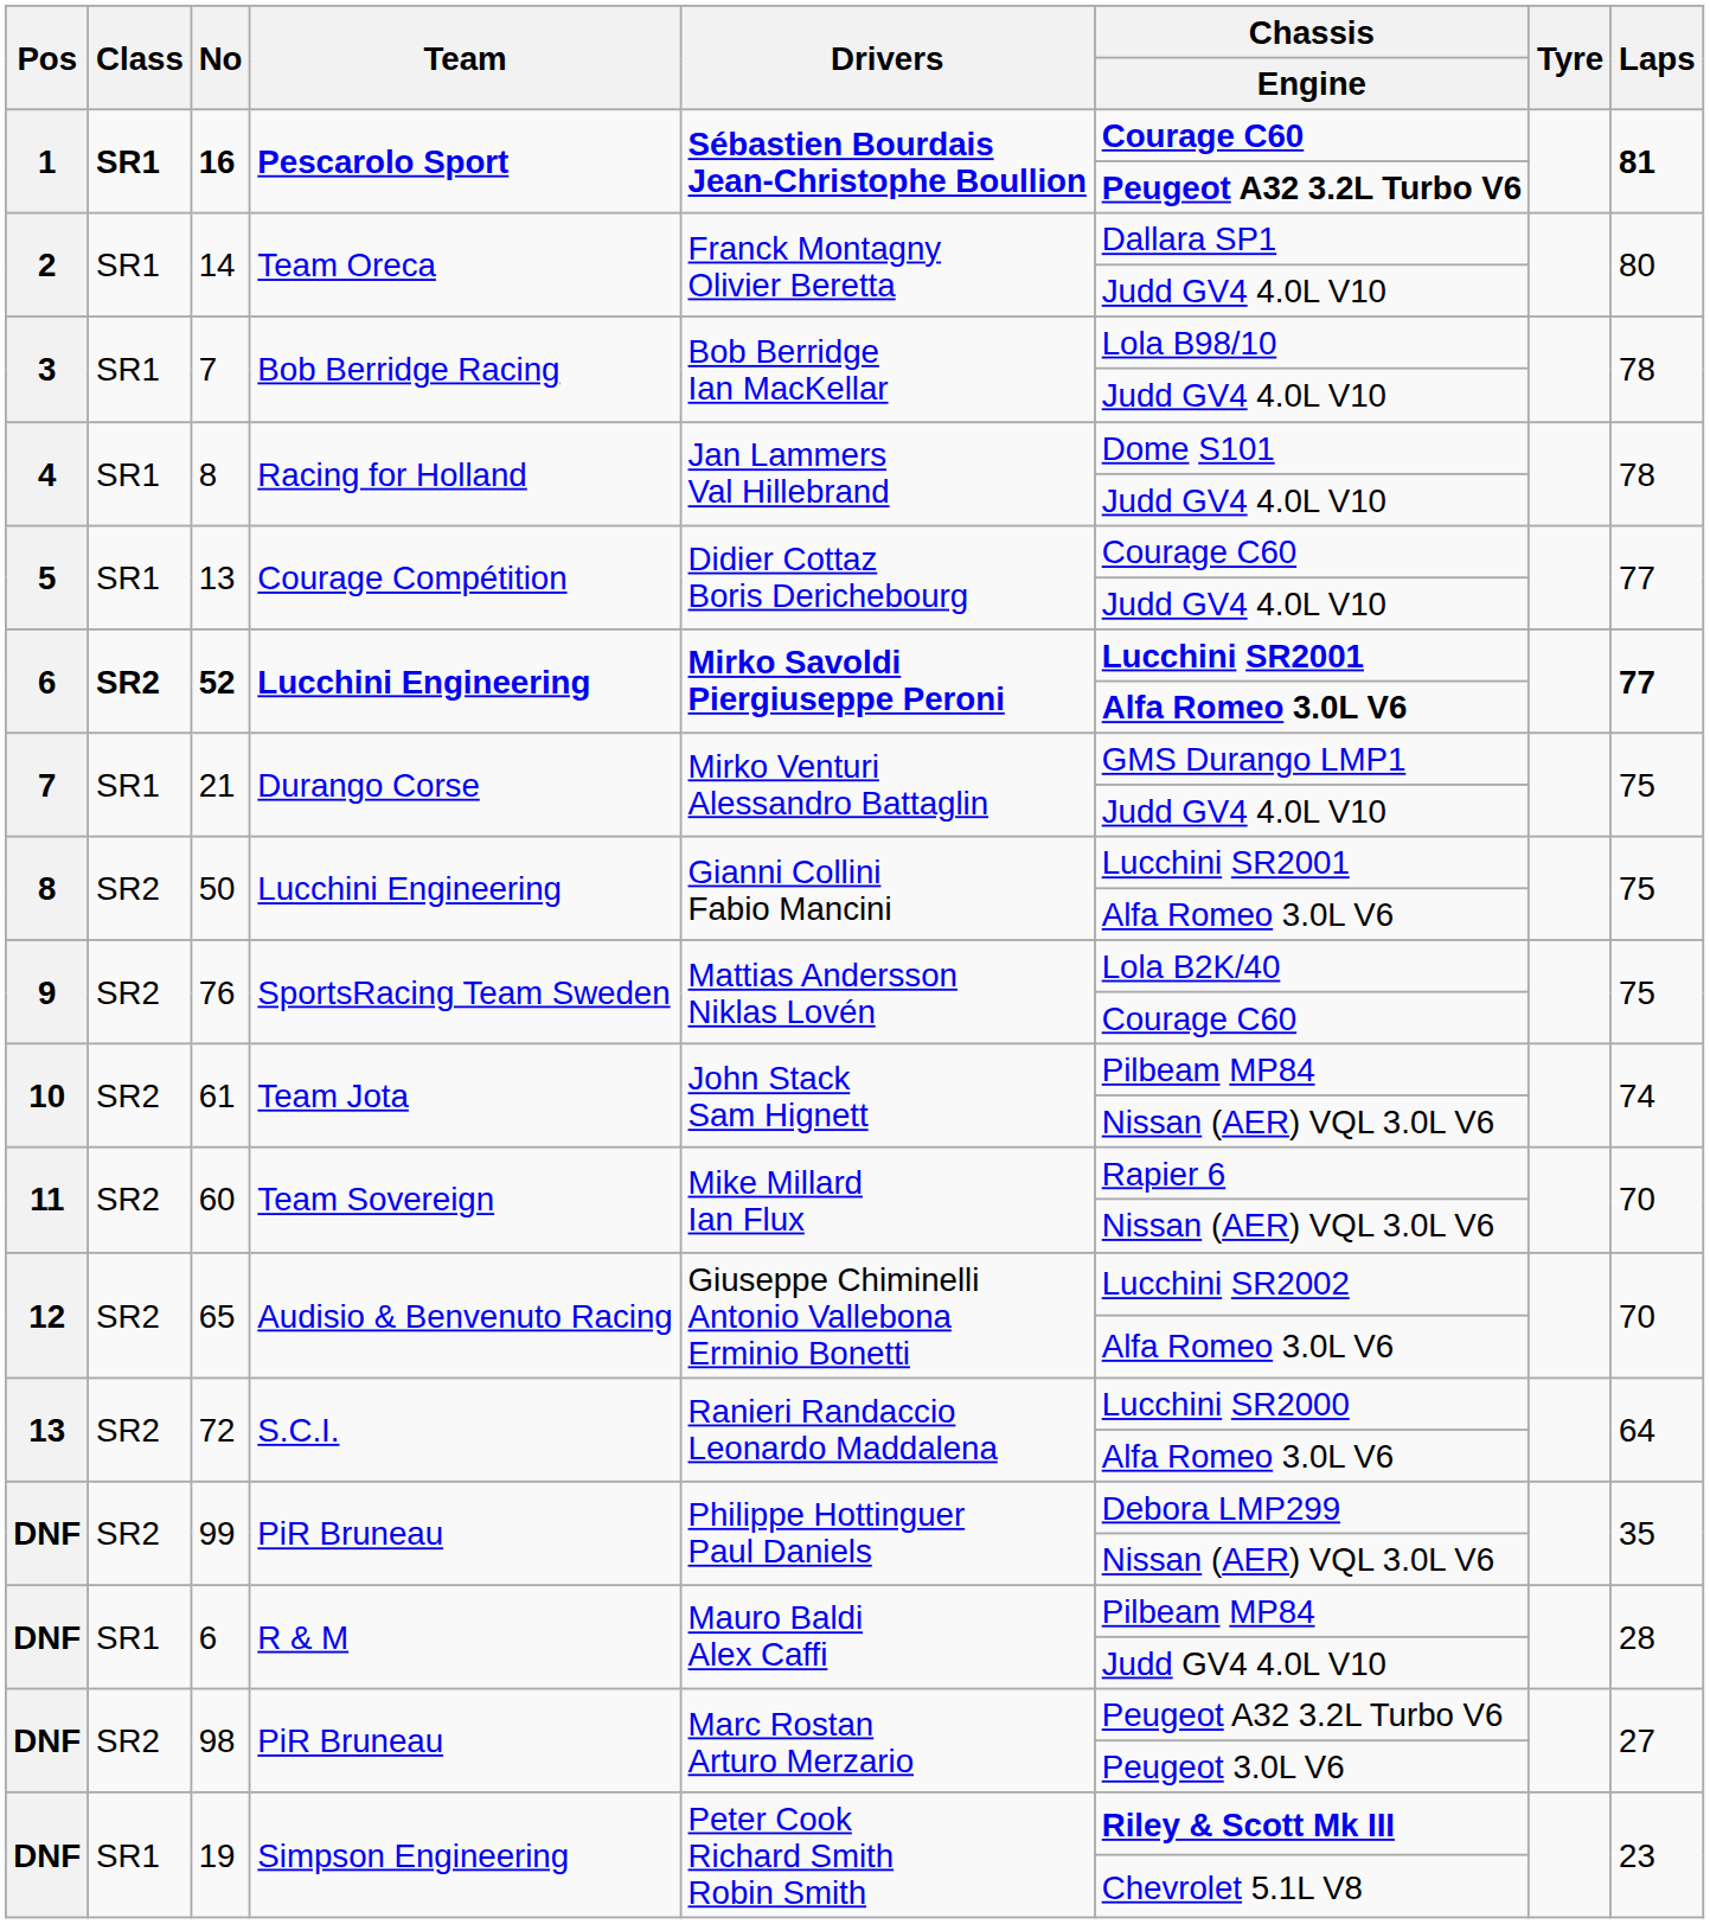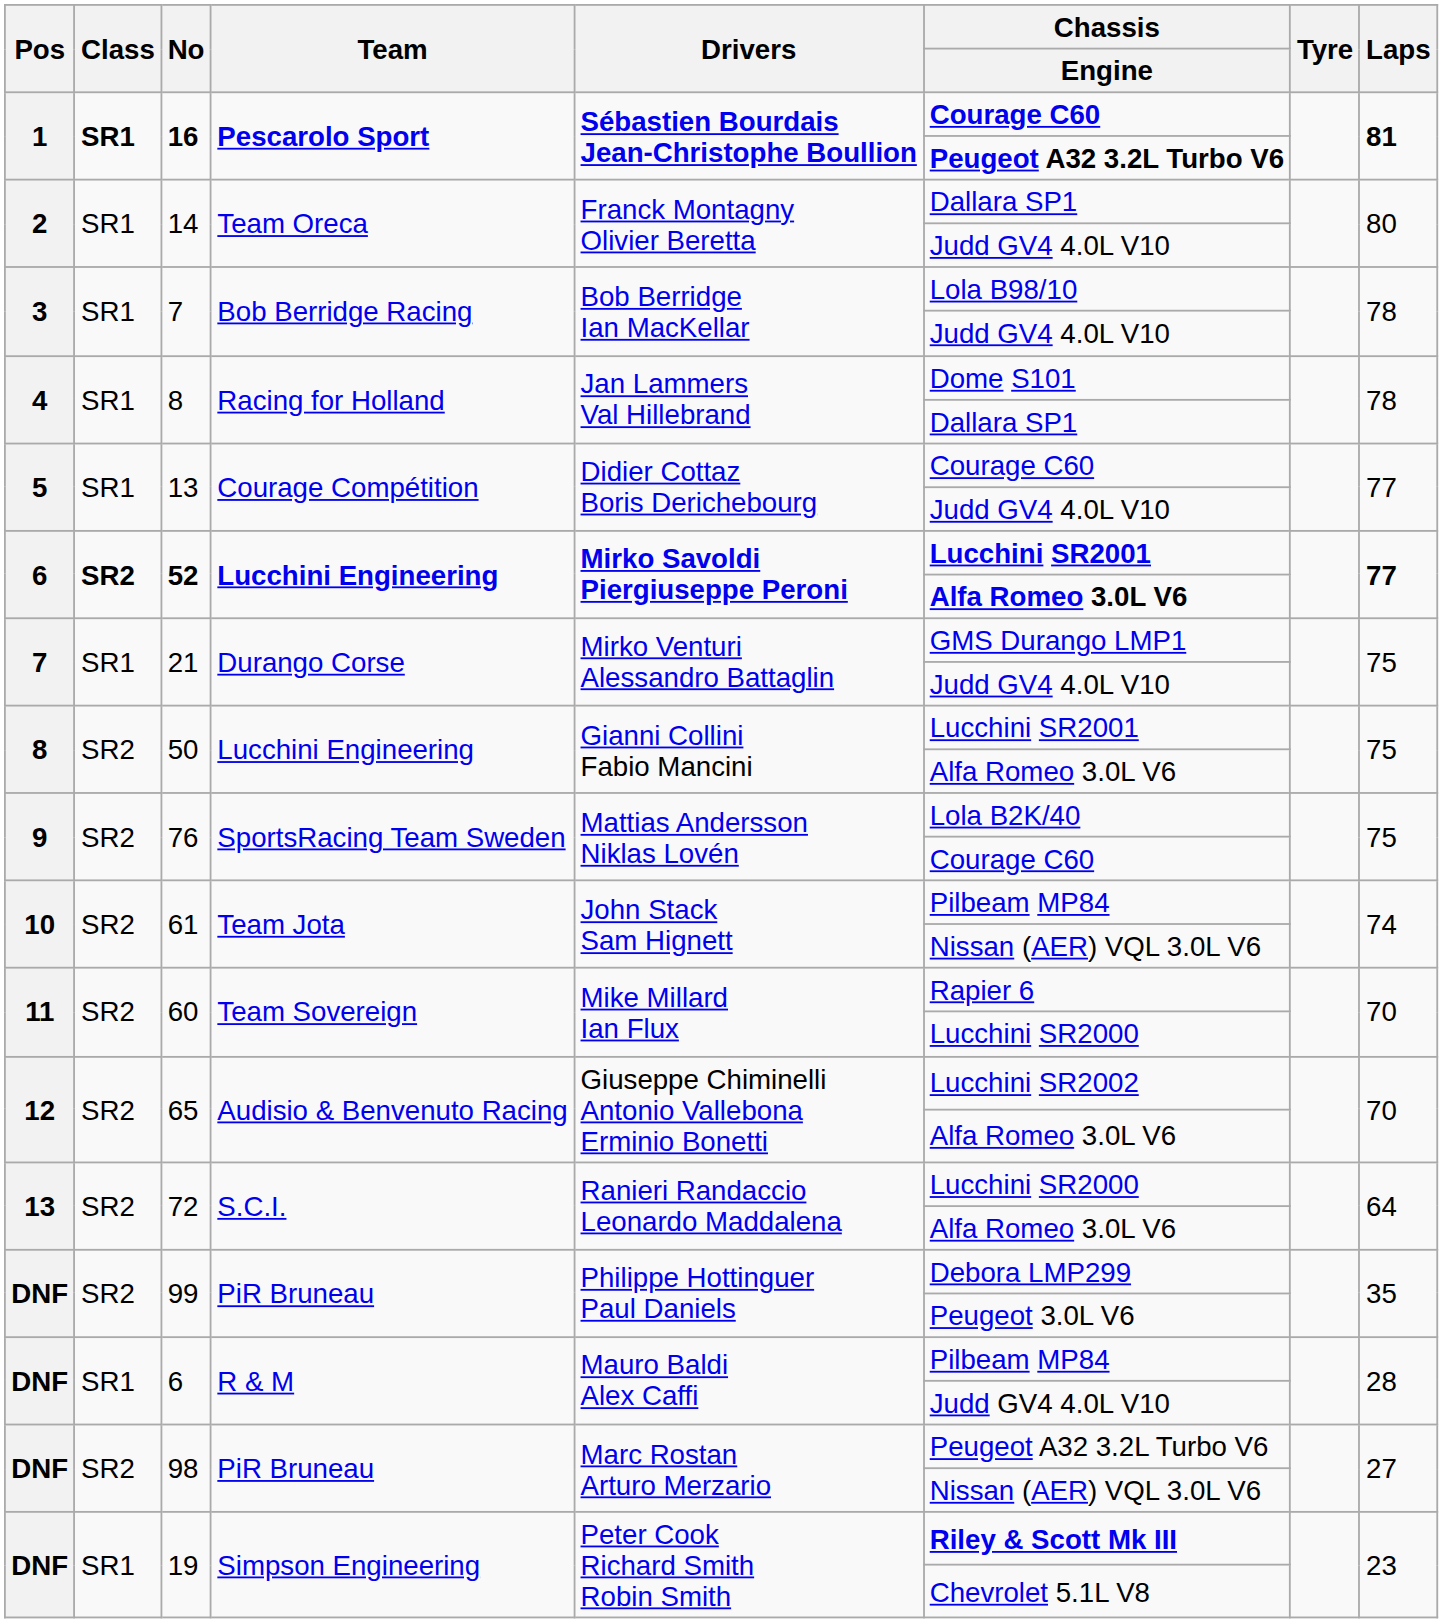 <table class="wikitable" style="font-size: 95%;">
 <tr>
 <th rowspan=2>Pos</th>
 <th rowspan=2>Class</th>
 <th rowspan=2>No</th>
 <th rowspan=2>Team</th>
 <th rowspan=2>Drivers</th>
 <th>Chassis</th>
 <th rowspan=2>Tyre</th>
 <th rowspan=2>Laps</th>
 </tr>
 <tr>
 <th>Engine</th>
 </tr>
 <tr style="font-weight:bold">
 <th rowspan=2>1</th>
 <td rowspan=2>SR1</td>
 <td rowspan=2>16</td>
 <td rowspan=2> <a href='#'>Pescarolo Sport</a></td>
 <td rowspan=2> <a href='#'>Sébastien Bourdais</a><br> <a href='#'>Jean-Christophe Boullion</a></td>
 <td><a href='#'>Courage C60</a></td>
 <td rowspan=2></td>
 <td rowspan=2>81</td>
 </tr>
 <tr style="font-weight:bold">
 <td><a href='#'>Peugeot</a> A32 3.2L Turbo V6</td>
 </tr>
 <tr>
 <th rowspan=2>2</th>
 <td rowspan=2>SR1</td>
 <td rowspan=2>14</td>
 <td rowspan=2> <a href='#'>Team Oreca</a></td>
 <td rowspan=2> <a href='#'>Franck Montagny</a><br> <a href='#'>Olivier Beretta</a></td>
 <td><a href='#'>Dallara SP1</a></td>
 <td rowspan=2></td>
 <td rowspan=2>80</td>
 </tr>
 <tr>
 <td><a href='#'>Judd GV4</a> 4.0L V10</td>
 </tr>
 <tr>
 <th rowspan=2>3</th>
 <td rowspan=2>SR1</td>
 <td rowspan=2>7</td>
 <td rowspan=2> <a href='#'>Bob Berridge Racing</a></td>
 <td rowspan=2> <a href='#'>Bob Berridge</a><br> <a href='#'>Ian MacKellar</a></td>
 <td><a href='#'>Lola B98/10</a></td>
 <td rowspan=2></td>
 <td rowspan=2>78</td>
 </tr>
 <tr>
 <td><a href='#'>Judd GV4</a> 4.0L V10</td>
 </tr>
 <tr>
 <th rowspan=2>4</th>
 <td rowspan=2>SR1</td>
 <td rowspan=2>8</td>
 <td rowspan=2> <a href='#'>Racing for Holland</a></td>
 <td rowspan=2> <a href='#'>Jan Lammers</a><br> <a href='#'>Val Hillebrand</a></td>
 <td><a href='#'>Dome</a> <a href='#'>S101</a></td>
 <td rowspan=2></td>
 <td rowspan=2>78</td>
 </tr>
 <tr>
-<td><a href='#'>Judd GV4</a> 4.0L V10</td>
+<td><a href='#'>Dallara SP1</a></td>
 </tr>
 <tr>
 <th rowspan=2>5</th>
 <td rowspan=2>SR1</td>
 <td rowspan=2>13</td>
 <td rowspan=2> <a href='#'>Courage Compétition</a></td>
 <td rowspan=2> <a href='#'>Didier Cottaz</a><br> <a href='#'>Boris Derichebourg</a></td>
 <td><a href='#'>Courage C60</a></td>
 <td rowspan=2></td>
 <td rowspan=2>77</td>
 </tr>
 <tr>
 <td><a href='#'>Judd GV4</a> 4.0L V10</td>
 </tr>
 <tr style="font-weight:bold">
 <th rowspan=2>6</th>
 <td rowspan=2>SR2</td>
 <td rowspan=2>52</td>
 <td rowspan=2> <a href='#'>Lucchini Engineering</a></td>
 <td rowspan=2> <a href='#'>Mirko Savoldi</a><br> <a href='#'>Piergiuseppe Peroni</a></td>
 <td><a href='#'>Lucchini</a> <a href='#'>SR2001</a></td>
 <td rowspan=2></td>
 <td rowspan=2>77</td>
 </tr>
 <tr style="font-weight:bold">
 <td><a href='#'>Alfa Romeo</a> 3.0L V6</td>
 </tr>
 <tr>
 <th rowspan=2>7</th>
 <td rowspan=2>SR1</td>
 <td rowspan=2>21</td>
 <td rowspan=2> <a href='#'>Durango Corse</a></td>
 <td rowspan=2> <a href='#'>Mirko Venturi</a><br> <a href='#'>Alessandro Battaglin</a></td>
 <td><a href='#'>GMS Durango LMP1</a></td>
 <td rowspan=2></td>
 <td rowspan=2>75</td>
 </tr>
 <tr>
 <td><a href='#'>Judd GV4</a> 4.0L V10</td>
 </tr>
 <tr>
 <th rowspan=2>8</th>
 <td rowspan=2>SR2</td>
 <td rowspan=2>50</td>
 <td rowspan=2> <a href='#'>Lucchini Engineering</a></td>
 <td rowspan=2> <a href='#'>Gianni Collini</a><br> Fabio Mancini</td>
 <td><a href='#'>Lucchini</a> <a href='#'>SR2001</a></td>
 <td rowspan=2></td>
 <td rowspan=2>75</td>
 </tr>
 <tr>
 <td><a href='#'>Alfa Romeo</a> 3.0L V6</td>
 </tr>
 <tr>
 <th rowspan=2>9</th>
 <td rowspan=2>SR2</td>
 <td rowspan=2>76</td>
 <td rowspan=2> <a href='#'>SportsRacing Team Sweden</a></td>
 <td rowspan=2> <a href='#'>Mattias Andersson</a><br> <a href='#'>Niklas Lovén</a></td>
 <td><a href='#'>Lola B2K/40</a></td>
 <td rowspan=2></td>
 <td rowspan=2>75</td>
 </tr>
 <tr>
 <td><a href='#'>Courage C60</a></td>
 </tr>
 <tr>
 <th rowspan=2>10</th>
 <td rowspan=2>SR2</td>
 <td rowspan=2>61</td>
 <td rowspan=2> <a href='#'>Team Jota</a></td>
 <td rowspan=2> <a href='#'>John Stack</a><br> <a href='#'>Sam Hignett</a></td>
 <td><a href='#'>Pilbeam</a> <a href='#'>MP84</a></td>
 <td rowspan=2></td>
 <td rowspan=2>74</td>
 </tr>
 <tr>
 <td><a href='#'>Nissan</a> (<a href='#'>AER</a>) VQL 3.0L V6</td>
 </tr>
 <tr>
 <th rowspan=2>11</th>
 <td rowspan=2>SR2</td>
 <td rowspan=2>60</td>
 <td rowspan=2> <a href='#'>Team Sovereign</a></td>
 <td rowspan=2> <a href='#'>Mike Millard</a><br> <a href='#'>Ian Flux</a></td>
 <td><a href='#'>Rapier 6</a></td>
 <td rowspan=2></td>
 <td rowspan=2>70</td>
 </tr>
 <tr>
-<td><a href='#'>Nissan</a> (<a href='#'>AER</a>) VQL 3.0L V6</td>
+<td><a href='#'>Lucchini</a> <a href='#'>SR2000</a></td>
 </tr>
 <tr>
 <th rowspan=2>12</th>
 <td rowspan=2>SR2</td>
 <td rowspan=2>65</td>
 <td rowspan=2> <a href='#'>Audisio & Benvenuto Racing</a></td>
 <td rowspan=2> Giuseppe Chiminelli<br> <a href='#'>Antonio Vallebona</a><br> <a href='#'>Erminio Bonetti</a></td>
 <td><a href='#'>Lucchini</a> <a href='#'>SR2002</a></td>
 <td rowspan=2></td>
 <td rowspan=2>70</td>
 </tr>
 <tr>
 <td><a href='#'>Alfa Romeo</a> 3.0L V6</td>
 </tr>
 <tr>
 <th rowspan=2>13</th>
 <td rowspan=2>SR2</td>
 <td rowspan=2>72</td>
 <td rowspan=2> <a href='#'>S.C.I.</a></td>
 <td rowspan=2> <a href='#'>Ranieri Randaccio</a><br> <a href='#'>Leonardo Maddalena</a></td>
 <td><a href='#'>Lucchini</a> <a href='#'>SR2000</a></td>
 <td rowspan=2></td>
 <td rowspan=2>64</td>
 </tr>
 <tr>
 <td><a href='#'>Alfa Romeo</a> 3.0L V6</td>
 </tr>
 <tr>
 <th rowspan=2>DNF</th>
 <td rowspan=2>SR2</td>
 <td rowspan=2>99</td>
 <td rowspan=2> <a href='#'>PiR Bruneau</a></td>
 <td rowspan=2> <a href='#'>Philippe Hottinguer</a><br> <a href='#'>Paul Daniels</a></td>
 <td><a href='#'>Debora LMP299</a></td>
 <td rowspan=2></td>
 <td rowspan=2>35</td>
 </tr>
 <tr>
-<td><a href='#'>Nissan</a> (<a href='#'>AER</a>) VQL 3.0L V6</td>
+<td><a href='#'>Peugeot</a> 3.0L V6</td>
 </tr>
 <tr>
 <th rowspan=2>DNF</th>
 <td rowspan=2>SR1</td>
 <td rowspan=2>6</td>
 <td rowspan=2> <a href='#'>R & M</a></td>
 <td rowspan=2> <a href='#'>Mauro Baldi</a><br> <a href='#'>Alex Caffi</a></td>
 <td><a href='#'>Pilbeam</a> <a href='#'>MP84</a></td>
 <td rowspan=2></td>
 <td rowspan=2>28</td>
 </tr>
 <tr>
 <td><a href='#'>Judd</a> GV4 4.0L V10</td>
 </tr>
 <tr>
 <th rowspan=2>DNF</th>
 <td rowspan=2>SR2</td>
 <td rowspan=2>98</td>
 <td rowspan=2> <a href='#'>PiR Bruneau</a></td>
 <td rowspan=2> <a href='#'>Marc Rostan</a><br> <a href='#'>Arturo Merzario</a></td>
 <td><a href='#'>Peugeot</a> A32 3.2L Turbo V6</td>
 <td rowspan=2></td>
 <td rowspan=2>27</td>
 </tr>
 <tr>
-<td><a href='#'>Peugeot</a> 3.0L V6</td>
+<td><a href='#'>Nissan</a> (<a href='#'>AER</a>) VQL 3.0L V6</td>
 </tr>
 <tr>
 <th rowspan=2>DNF</th>
 <td rowspan=2>SR1</td>
 <td rowspan=2>19</td>
 <td rowspan=2> <a href='#'>Simpson Engineering</a></td>
 <td rowspan=2> <a href='#'>Peter Cook</a><br> <a href='#'>Richard Smith</a><br> <a href='#'>Robin Smith</a></td>
 <td><strong><a href='#'>Riley & Scott Mk III</a></strong></td>
 <td rowspan=2></td>
 <td rowspan=2>23</td>
 </tr>
 <tr>
 <td><a href='#'>Chevrolet</a> 5.1L V8</td>
 </tr>
 </table>
